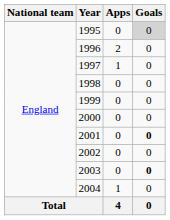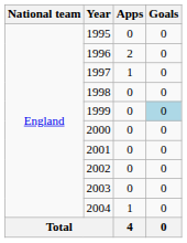 <table class="wikitable" style="text-align:center">
 <tr>
 <th>National team</th>
 <th>Year</th>
 <th>Apps</th>
 <th>Goals</th>
 </tr>
 <tr>
 <td rowspan="10"><a href='#'>England</a></td>
 <td>1995</td>
 <td>0</td>
-<td style="background: lightgrey;">0</td>
+<td>0</td>
 </tr>
 <tr>
 <td>1996</td>
 <td>2</td>
 <td>0</td>
 </tr>
 <tr>
 <td>1997</td>
 <td>1</td>
 <td>0</td>
 </tr>
 <tr>
 <td>1998</td>
 <td>0</td>
 <td>0</td>
 </tr>
 <tr>
 <td>1999</td>
 <td>0</td>
-<td>0</td>
+<td style="background: lightblue;">0</td>
 </tr>
 <tr>
 <td>2000</td>
 <td>0</td>
 <td>0</td>
 </tr>
 <tr>
 <td>2001</td>
 <td>0</td>
-<td><strong>0</strong></td>
+<td>0</td>
 </tr>
 <tr>
 <td>2002</td>
 <td>0</td>
 <td>0</td>
 </tr>
 <tr>
 <td>2003</td>
 <td>0</td>
-<td><strong>0</strong></td>
+<td>0</td>
 </tr>
 <tr>
 <td>2004</td>
 <td>1</td>
 <td>0</td>
 </tr>
 <tr>
 <th colspan="2">Total</th>
 <th>4</th>
 <th>0</th>
 </tr>
 </table>
